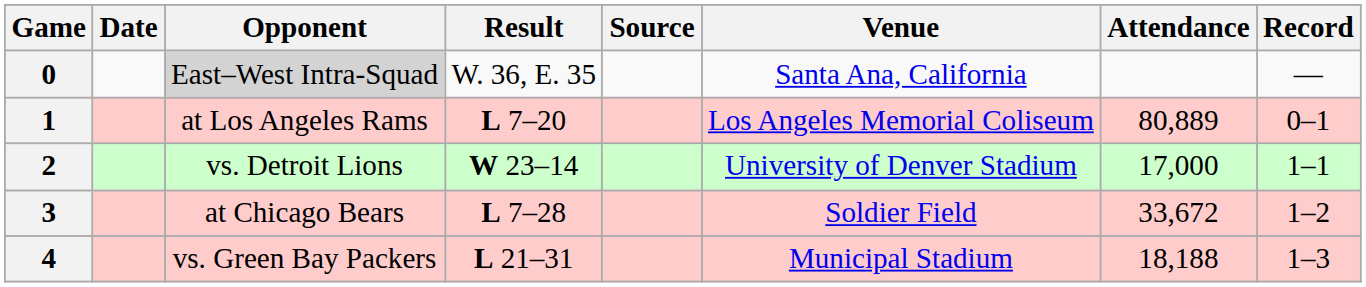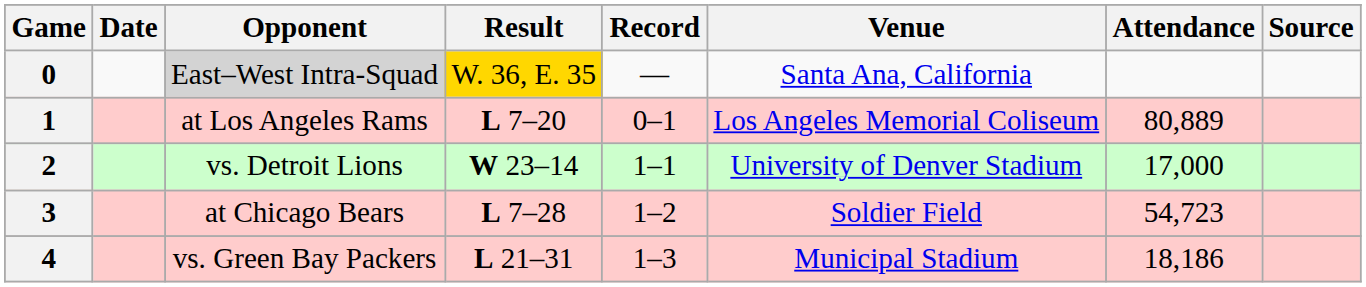 <table class="wikitable" style="text-align:center">
 <tr>
 <th>Game</th>
 <th>Date</th>
 <th>Opponent</th>
 <th>Result</th>
-<th>Source</th>
+<th>Record</th>
 <th>Venue</th>
 <th>Attendance</th>
-<th>Record</th>
+<th>Source</th>
 </tr>
 <tr>
 <th>0</th>
 <td></td>
 <td style="background: lightgrey;">East–West Intra-Squad</td>
-<td>W. 36, E. 35</td>
-<td></td>
+<td style="background: gold;">W. 36, E. 35</td>
+<td>—</td>
 <td><a href='#'>Santa Ana, California</a></td>
 <td></td>
-<td>—</td>
+<td></td>
 </tr>
 <tr style="background:#fcc;">
 <th>1</th>
 <td></td>
 <td>at Los Angeles Rams</td>
 <td><strong>L</strong> 7–20</td>
-<td></td>
+<td>0–1</td>
 <td><a href='#'>Los Angeles Memorial Coliseum</a></td>
 <td>80,889</td>
-<td>0–1</td>
+<td></td>
 </tr>
 <tr style="background:#cfc;">
 <th>2</th>
 <td></td>
 <td>vs. Detroit Lions</td>
 <td><strong>W</strong> 23–14</td>
-<td></td>
+<td>1–1</td>
 <td><a href='#'>University of Denver Stadium</a> </td>
 <td>17,000</td>
-<td>1–1</td>
+<td></td>
 </tr>
 <tr style="background:#fcc;">
 <th>3</th>
 <td></td>
 <td>at Chicago Bears</td>
 <td><strong>L</strong> 7–28</td>
+<td>1–2</td>
+<td><a href='#'>Soldier Field</a></td>
+<td>54,723</td>
 <td></td>
-<td><a href='#'>Soldier Field</a></td>
-<td>33,672</td>
-<td>1–2</td>
 </tr>
 <tr style="background:#fcc;">
 <th>4</th>
 <td></td>
 <td>vs. Green Bay Packers</td>
 <td><strong>L</strong> 21–31</td>
+<td>1–3</td>
+<td><a href='#'>Municipal Stadium</a> </td>
+<td>18,186</td>
 <td></td>
-<td><a href='#'>Municipal Stadium</a> </td>
-<td>18,188</td>
-<td>1–3</td>
 </tr>
 </table>
